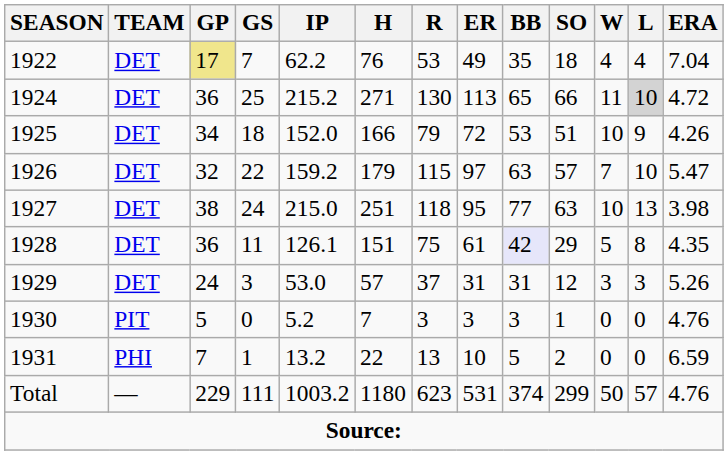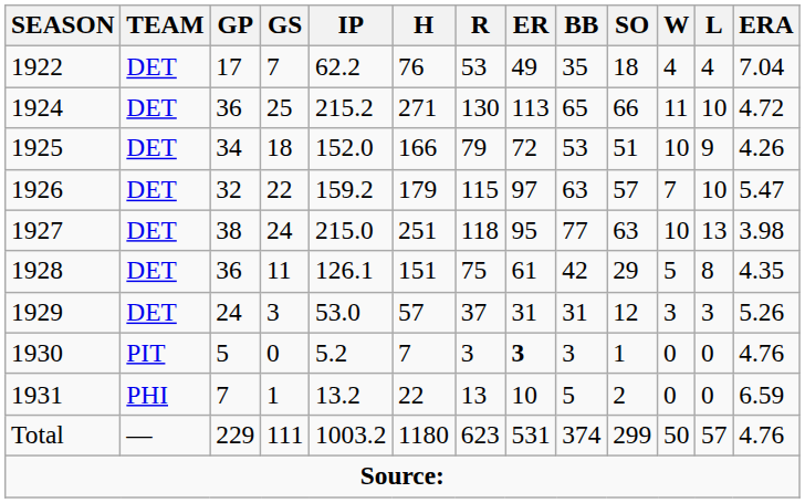 <table class="wikitable">
 <tr>
 <th>SEASON</th>
 <th>TEAM</th>
 <th>GP</th>
 <th>GS</th>
 <th>IP</th>
 <th>H</th>
 <th>R</th>
 <th>ER</th>
 <th>BB</th>
 <th>SO</th>
 <th>W</th>
 <th>L</th>
 <th>ERA</th>
 </tr>
 <tr>
 <td>1922</td>
 <td><a href='#'>DET</a></td>
-<td style="background: khaki;">17</td>
+<td>17</td>
 <td>7</td>
 <td>62.2</td>
 <td>76</td>
 <td>53</td>
 <td>49</td>
 <td>35</td>
 <td>18</td>
 <td>4</td>
 <td>4</td>
 <td>7.04</td>
 </tr>
 <tr>
 <td>1924</td>
 <td><a href='#'>DET</a></td>
 <td>36</td>
 <td>25</td>
 <td>215.2</td>
 <td>271</td>
 <td>130</td>
 <td>113</td>
 <td>65</td>
 <td>66</td>
 <td>11</td>
-<td style="background: lightgrey;">10</td>
+<td>10</td>
 <td>4.72</td>
 </tr>
 <tr>
 <td>1925</td>
 <td><a href='#'>DET</a></td>
 <td>34</td>
 <td>18</td>
 <td>152.0</td>
 <td>166</td>
 <td>79</td>
 <td>72</td>
 <td>53</td>
 <td>51</td>
 <td>10</td>
 <td>9</td>
 <td>4.26</td>
 </tr>
 <tr>
 <td>1926</td>
 <td><a href='#'>DET</a></td>
 <td>32</td>
 <td>22</td>
 <td>159.2</td>
 <td>179</td>
 <td>115</td>
 <td>97</td>
 <td>63</td>
 <td>57</td>
 <td>7</td>
 <td>10</td>
 <td>5.47</td>
 </tr>
 <tr>
 <td>1927</td>
 <td><a href='#'>DET</a></td>
 <td>38</td>
 <td>24</td>
 <td>215.0</td>
 <td>251</td>
 <td>118</td>
 <td>95</td>
 <td>77</td>
 <td>63</td>
 <td>10</td>
 <td>13</td>
 <td>3.98</td>
 </tr>
 <tr>
 <td>1928</td>
 <td><a href='#'>DET</a></td>
 <td>36</td>
 <td>11</td>
 <td>126.1</td>
 <td>151</td>
 <td>75</td>
 <td>61</td>
-<td style="background: lavender;">42</td>
+<td>42</td>
 <td>29</td>
 <td>5</td>
 <td>8</td>
 <td>4.35</td>
 </tr>
 <tr>
 <td>1929</td>
 <td><a href='#'>DET</a></td>
 <td>24</td>
 <td>3</td>
 <td>53.0</td>
 <td>57</td>
 <td>37</td>
 <td>31</td>
 <td>31</td>
 <td>12</td>
 <td>3</td>
 <td>3</td>
 <td>5.26</td>
 </tr>
 <tr>
 <td>1930</td>
 <td><a href='#'>PIT</a></td>
 <td>5</td>
 <td>0</td>
 <td>5.2</td>
 <td>7</td>
 <td>3</td>
-<td>3</td>
+<td><strong>3</strong></td>
 <td>3</td>
 <td>1</td>
 <td>0</td>
 <td>0</td>
 <td>4.76</td>
 </tr>
 <tr>
 <td>1931</td>
 <td><a href='#'>PHI</a></td>
 <td>7</td>
 <td>1</td>
 <td>13.2</td>
 <td>22</td>
 <td>13</td>
 <td>10</td>
 <td>5</td>
 <td>2</td>
 <td>0</td>
 <td>0</td>
 <td>6.59</td>
 </tr>
 <tr>
 <td>Total</td>
 <td>—</td>
 <td>229</td>
 <td>111</td>
 <td>1003.2</td>
 <td>1180</td>
 <td>623</td>
 <td>531</td>
 <td>374</td>
 <td>299</td>
 <td>50</td>
 <td>57</td>
 <td>4.76</td>
 </tr>
 <tr>
 <td colspan="13" style="text-align: center;"><strong>Source:</strong></td>
 </tr>
 </table>
